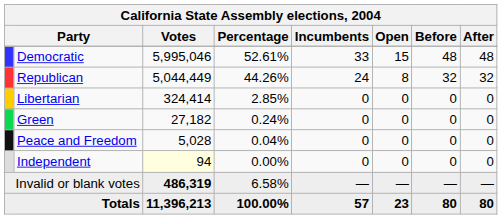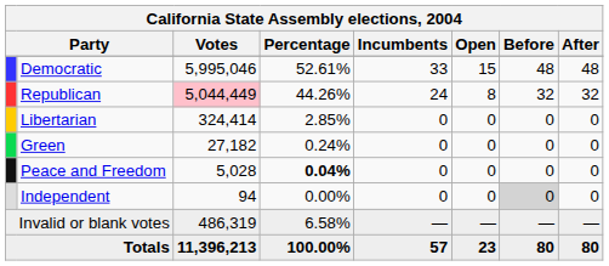 <table class="wikitable" style="font-size:95%;">
 <tr>
 <th colspan="8">California State Assembly elections, 2004</th>
 </tr>
 <tr>
 <th colspan=2 style="width: 10em">Party</th>
 <th style="width: 4em">Votes</th>
 <th style="width: 5em">Percentage</th>
 <th style="width: 5em">Incumbents</th>
 <th style="width: 2em">Open</th>
 <th style="width: 3em">Before</th>
 <th style="width: 2em">After</th>
 </tr>
 <tr>
 </tr>
 <tr>
 <th style="background-color:#3333FF; width: 3px"></th>
 <td style="width: 130px"><a href='#'>Democratic</a></td>
 <td align="right">5,995,046</td>
 <td align="right">52.61%</td>
 <td align="right">33</td>
 <td align="right">15</td>
 <td align="right">48</td>
 <td align="right">48</td>
 </tr>
 <tr>
 <th style="background-color:#FF3333; width: 3px"></th>
 <td style="width: 130px"><a href='#'>Republican</a></td>
-<td align="right">5,044,449</td>
+<td align="right" style="background: pink;">5,044,449</td>
 <td align="right">44.26%</td>
 <td align="right">24</td>
 <td align="right">8</td>
 <td align="right">32</td>
 <td align="right">32</td>
 </tr>
 <tr>
 <th style="background-color:#FFCC00; width: 3px"></th>
 <td style="width: 130px"><a href='#'>Libertarian</a></td>
 <td align="right">324,414</td>
 <td align="right">2.85%</td>
 <td align="right">0</td>
 <td align="right">0</td>
 <td align="right">0</td>
 <td align="right">0</td>
 </tr>
 <tr>
 <th style="background-color:#0BDA51; width: 3px"></th>
 <td style="width: 130px"><a href='#'>Green</a></td>
 <td align="right">27,182</td>
 <td align="right">0.24%</td>
 <td align="right">0</td>
 <td align="right">0</td>
 <td align="right">0</td>
 <td align="right">0</td>
 </tr>
 <tr>
 <th style="background-color:#111111; width: 3px"></th>
 <td style="width: 130px"><a href='#'>Peace and Freedom</a></td>
 <td align="right">5,028</td>
-<td align="right">0.04%</td>
+<td align="right"><strong>0.04%</strong></td>
 <td align="right">0</td>
 <td align="right">0</td>
 <td align="right">0</td>
 <td align="right">0</td>
 </tr>
 <tr>
 <th style="background-color:#DDDDDD; width: 3px"></th>
 <td style="width: 130px"><a href='#'>Independent</a></td>
-<td align="right" style="background: lightyellow;">94</td>
+<td align="right">94</td>
 <td align="right">0.00%</td>
 <td align="right">0</td>
 <td align="right">0</td>
-<td align="right">0</td>
+<td align="right" style="background: lightgrey;">0</td>
 <td align="right">0</td>
 </tr>
 <tr bgcolor="#EEEEEE">
 <td colspan="2" align="right">Invalid or blank votes</td>
-<td align="right"><strong>486,319</strong></td>
+<td align="right">486,319</td>
 <td align="right">6.58%</td>
 <td align="right">—</td>
 <td align="right">—</td>
 <td align="right">—</td>
 <td align="right">—</td>
 </tr>
 <tr bgcolor="#EEEEEE">
 <td colspan="2" align="right"><strong>Totals</strong></td>
 <td align="right"><strong>11,396,213</strong></td>
 <td align="right"><strong>100.00%</strong></td>
 <td align="right"><strong>57</strong></td>
 <td align="right"><strong>23</strong></td>
 <td align="right"><strong>80</strong></td>
 <td align="right"><strong>80</strong></td>
 </tr>
 </table>
